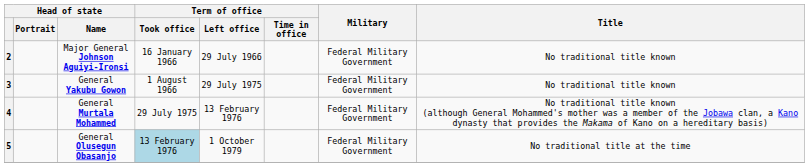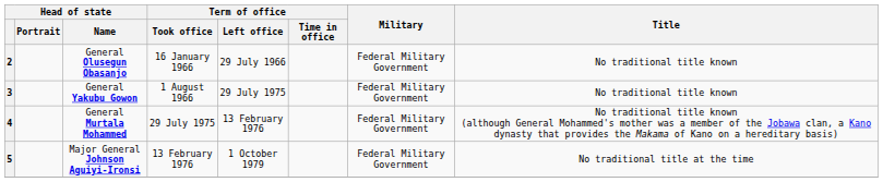 <table class="wikitable" style="text-align:center">
 <tr>
 <th colspan=3>Head of state</th>
 <th colspan=3>Term of office</th>
 <th rowspan=2>Military</th>
 <th rowspan=2>Title</th>
 </tr>
 <tr>
 <th></th>
 <th>Portrait</th>
 <th>Name<br></th>
 <th>Took office</th>
 <th>Left office</th>
 <th>Time in office</th>
 </tr>
 <tr>
 <th style="background:">2</th>
 <td></td>
-<td>Major General<br><strong><a href='#'>Johnson Aguiyi-Ironsi</a></strong><br></td>
+<td>General<br><strong><a href='#'>Olusegun Obasanjo</a></strong><br></td>
 <td>16 January 1966</td>
 <td>29 July 1966<br></td>
 <td></td>
 <td>Federal Military Government</td>
 <td>No traditional title known</td>
 </tr>
 <tr>
 <th style="background:">3</th>
 <td></td>
 <td>General<br><strong><a href='#'>Yakubu Gowon</a></strong><br></td>
 <td>1 August 1966</td>
 <td>29 July 1975<br></td>
 <td></td>
 <td>Federal Military Government</td>
 <td>No traditional title known</td>
 </tr>
 <tr>
 <th style="background:">4</th>
 <td></td>
 <td>General<br><strong><a href='#'>Murtala Mohammed</a></strong><br></td>
 <td>29 July 1975</td>
 <td>13 February 1976<br></td>
 <td></td>
 <td>Federal Military Government</td>
 <td>No traditional title known <br> (although General Mohammed's mother was a member of the <a href='#'>Jobawa</a> clan, a <a href='#'>Kano</a> dynasty that provides the <em>Makama</em> of Kano on a hereditary basis)</td>
 </tr>
 <tr>
 <th style="background:">5</th>
 <td></td>
-<td>General<br><strong><a href='#'>Olusegun Obasanjo</a></strong><br></td>
-<td style="background: lightblue;">13 February 1976</td>
+<td>Major General<br><strong><a href='#'>Johnson Aguiyi-Ironsi</a></strong><br></td>
+<td>13 February 1976</td>
 <td>1 October 1979<br></td>
 <td></td>
 <td>Federal Military Government</td>
 <td>No traditional title at the time</td>
 </tr>
 <tr>
 </tr>
 </table>
